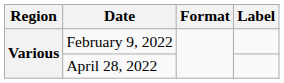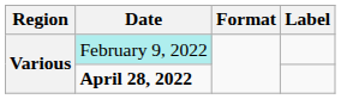 <table class="wikitable plainrowheaders">
 <tr>
 <th scope="col">Region</th>
 <th scope="col">Date</th>
 <th scope="col">Format</th>
 <th scope="col">Label</th>
 </tr>
 <tr>
 <th scope="row" rowspan="2">Various</th>
-<td>February 9, 2022</td>
+<td style="background: paleturquoise;">February 9, 2022</td>
 <td rowspan="2"></td>
 <td></td>
 </tr>
 <tr>
-<td>April 28, 2022</td>
+<td><strong>April 28, 2022</strong></td>
 <td></td>
 </tr>
 </table>
